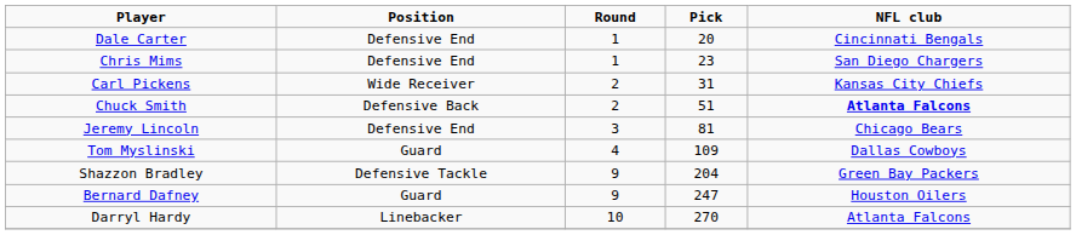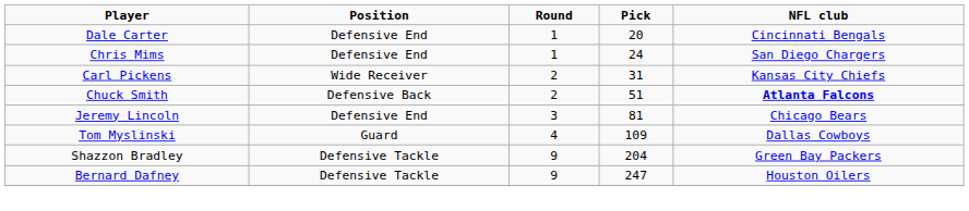 <table class="wikitable" width="80%">
 <tr align="center">
 <td><strong>Player</strong></td>
 <td><strong>Position</strong></td>
 <td><strong>Round</strong></td>
 <td><strong>Pick</strong></td>
 <td><strong>NFL club</strong></td>
 </tr>
 <tr align="center" bgcolor="">
 <td><a href='#'>Dale Carter</a></td>
 <td>Defensive End</td>
 <td>1</td>
 <td>20</td>
 <td><a href='#'>Cincinnati Bengals</a></td>
 </tr>
 <tr align="center" bgcolor="">
 <td><a href='#'>Chris Mims</a></td>
 <td>Defensive End</td>
 <td>1</td>
-<td>23</td>
+<td>24</td>
 <td><a href='#'>San Diego Chargers</a></td>
 </tr>
 <tr align="center" bgcolor="">
 <td><a href='#'>Carl Pickens</a></td>
 <td>Wide Receiver</td>
 <td>2</td>
 <td>31</td>
 <td><a href='#'>Kansas City Chiefs</a></td>
 </tr>
 <tr align="center" bgcolor="">
 <td><a href='#'>Chuck Smith</a></td>
 <td>Defensive Back</td>
 <td>2</td>
 <td>51</td>
 <td><strong><a href='#'>Atlanta Falcons</a></strong></td>
 </tr>
 <tr align="center" bgcolor="">
 <td><a href='#'>Jeremy Lincoln</a></td>
 <td>Defensive End</td>
 <td>3</td>
 <td>81</td>
 <td><a href='#'>Chicago Bears</a></td>
 </tr>
 <tr align="center" bgcolor="">
 <td><a href='#'>Tom Myslinski</a></td>
 <td>Guard</td>
 <td>4</td>
 <td>109</td>
 <td><a href='#'>Dallas Cowboys</a></td>
 </tr>
 <tr align="center" bgcolor="">
 <td>Shazzon Bradley</td>
 <td>Defensive Tackle</td>
 <td>9</td>
 <td>204</td>
 <td><a href='#'>Green Bay Packers</a></td>
 </tr>
 <tr align="center" bgcolor="">
 <td><a href='#'>Bernard Dafney</a></td>
-<td>Guard</td>
+<td>Defensive Tackle</td>
 <td>9</td>
 <td>247</td>
 <td><a href='#'>Houston Oilers</a></td>
 </tr>
 <tr align="center" bgcolor="">
-<td>Darryl Hardy</td>
-<td>Linebacker</td>
-<td>10</td>
-<td>270</td>
-<td><a href='#'>Atlanta Falcons</a></td>
-</tr>
-<tr align="center" bgcolor="">
 </tr>
 </table>
